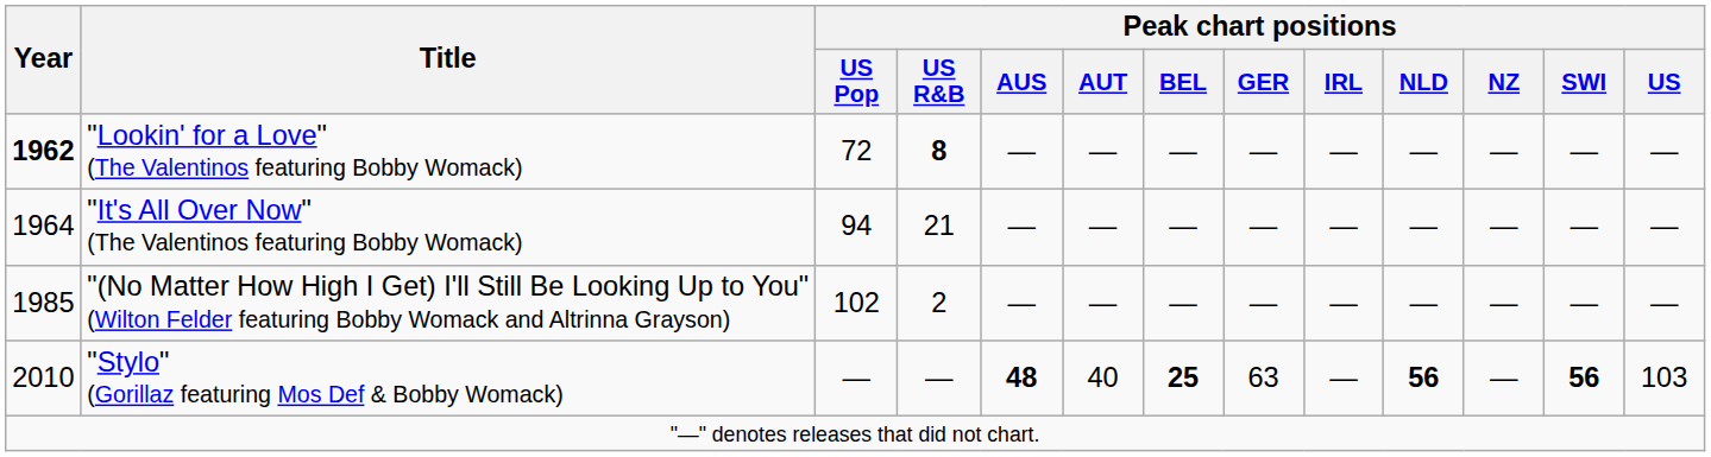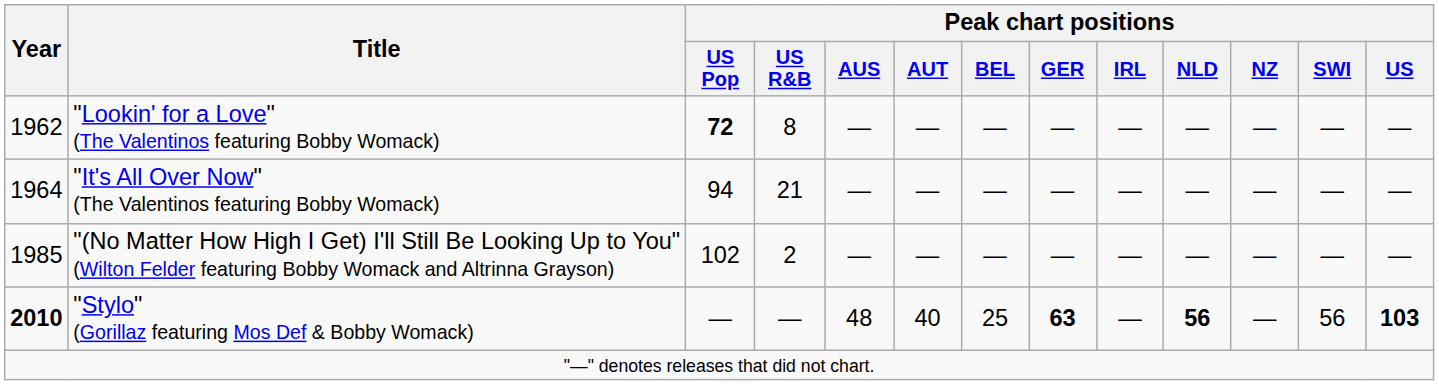 <table class="wikitable"  style=text-align:center;>
 <tr>
 <th rowspan="2">Year</th>
 <th rowspan="2">Title</th>
 <th colspan="11">Peak chart positions</th>
 </tr>
 <tr>
 <th scope="col" style="width:3em;font-size:85%;"><a href='#'>US<br>Pop</a></th>
 <th scope="col" style="width:3em;font-size:85%;"><a href='#'>US<br>R&B</a></th>
 <th scope="col" style="width:3em;font-size:85%;"><a href='#'>AUS</a><br></th>
 <th scope="col" style="width:2.9em;font-size:85%;"><a href='#'>AUT</a><br></th>
 <th scope="col" style="width:2.9em;font-size:85%;"><a href='#'>BEL</a><br></th>
 <th scope="col" style="width:2.9em;font-size:85%;"><a href='#'>GER</a><br></th>
 <th scope="col" style="width:2.9em;font-size:85%;"><a href='#'>IRL</a><br></th>
 <th scope="col" style="width:2.9em;font-size:85%;"><a href='#'>NLD</a><br></th>
 <th scope="col" style="width:2.9em;font-size:85%;"><a href='#'>NZ</a><br></th>
 <th scope="col" style="width:2.9em;font-size:85%;"><a href='#'>SWI</a><br></th>
 <th scope="col" style="width:2.9em;font-size:85%;"><a href='#'>US</a><br></th>
 </tr>
 <tr>
-<td><strong>1962</strong></td>
+<td>1962</td>
 <td align="left">"<a href='#'>Lookin' for a Love</a>"<br><small>(<a href='#'>The Valentinos</a> featuring Bobby Womack)</small></td>
-<td>72</td>
-<td><strong>8</strong></td>
+<td><strong>72</strong></td>
+<td>8</td>
 <td>—</td>
 <td>—</td>
 <td>—</td>
 <td>—</td>
 <td>—</td>
 <td>—</td>
 <td>—</td>
 <td>—</td>
 <td>—</td>
 </tr>
 <tr>
 <td>1964</td>
 <td align="left">"<a href='#'>It's All Over Now</a>"<br><small>(The Valentinos featuring Bobby Womack)</small></td>
 <td>94</td>
 <td>21</td>
 <td>—</td>
 <td>—</td>
 <td>—</td>
 <td>—</td>
 <td>—</td>
 <td>—</td>
 <td>—</td>
 <td>—</td>
 <td>—</td>
 </tr>
 <tr>
 <td>1985</td>
 <td align="left">"(No Matter How High I Get) I'll Still Be Looking Up to You"<br><small>(<a href='#'>Wilton Felder</a> featuring Bobby Womack and Altrinna Grayson)</small></td>
 <td>102</td>
 <td>2</td>
 <td>—</td>
 <td>—</td>
 <td>—</td>
 <td>—</td>
 <td>—</td>
 <td>—</td>
 <td>—</td>
 <td>—</td>
 <td>—</td>
 </tr>
 <tr>
-<td>2010</td>
+<td><strong>2010</strong></td>
 <td align="left">"<a href='#'>Stylo</a>"<br><small>(<a href='#'>Gorillaz</a> featuring <a href='#'>Mos Def</a> & Bobby Womack)</small></td>
 <td>—</td>
 <td>—</td>
-<td><strong>48</strong></td>
+<td>48</td>
 <td>40</td>
-<td><strong>25</strong></td>
-<td>63</td>
+<td>25</td>
+<td><strong>63</strong></td>
 <td>—</td>
 <td><strong>56</strong></td>
 <td>—</td>
-<td><strong>56</strong></td>
-<td>103</td>
+<td>56</td>
+<td><strong>103</strong></td>
 </tr>
 <tr>
 <td colspan="15" style="text-align:center; font-size:9pt;">"—" denotes releases that did not chart.</td>
 </tr>
 </table>
